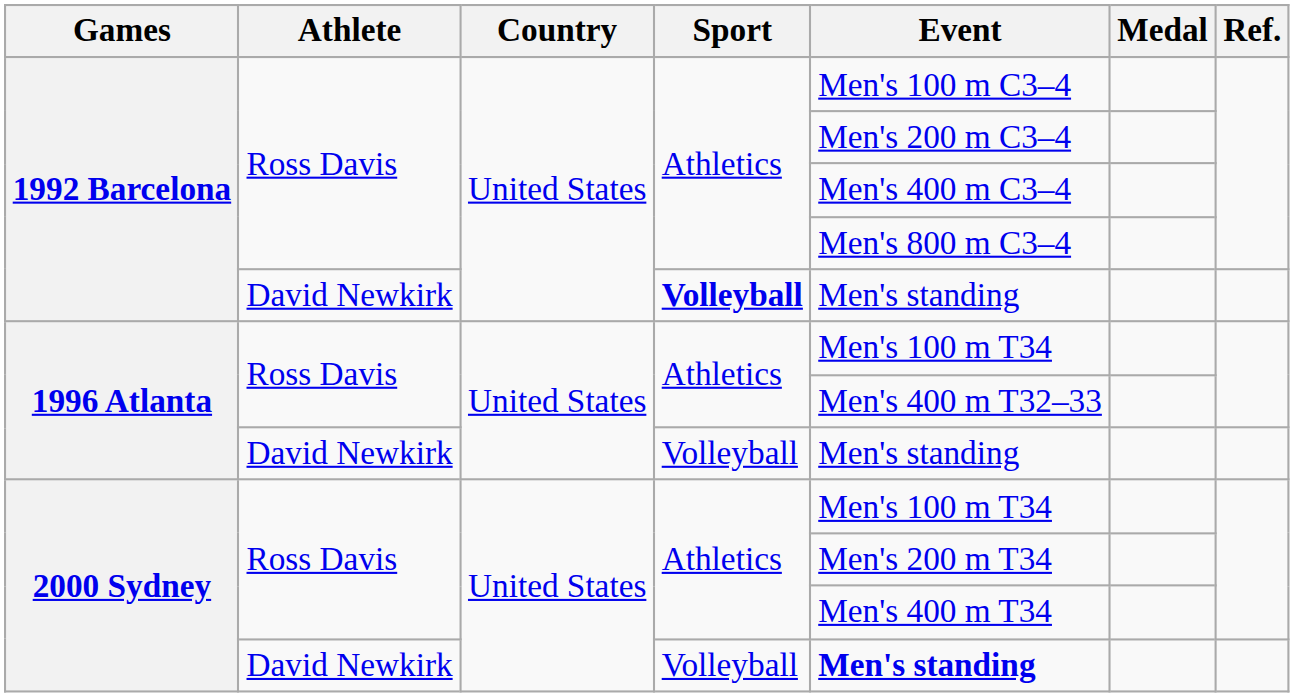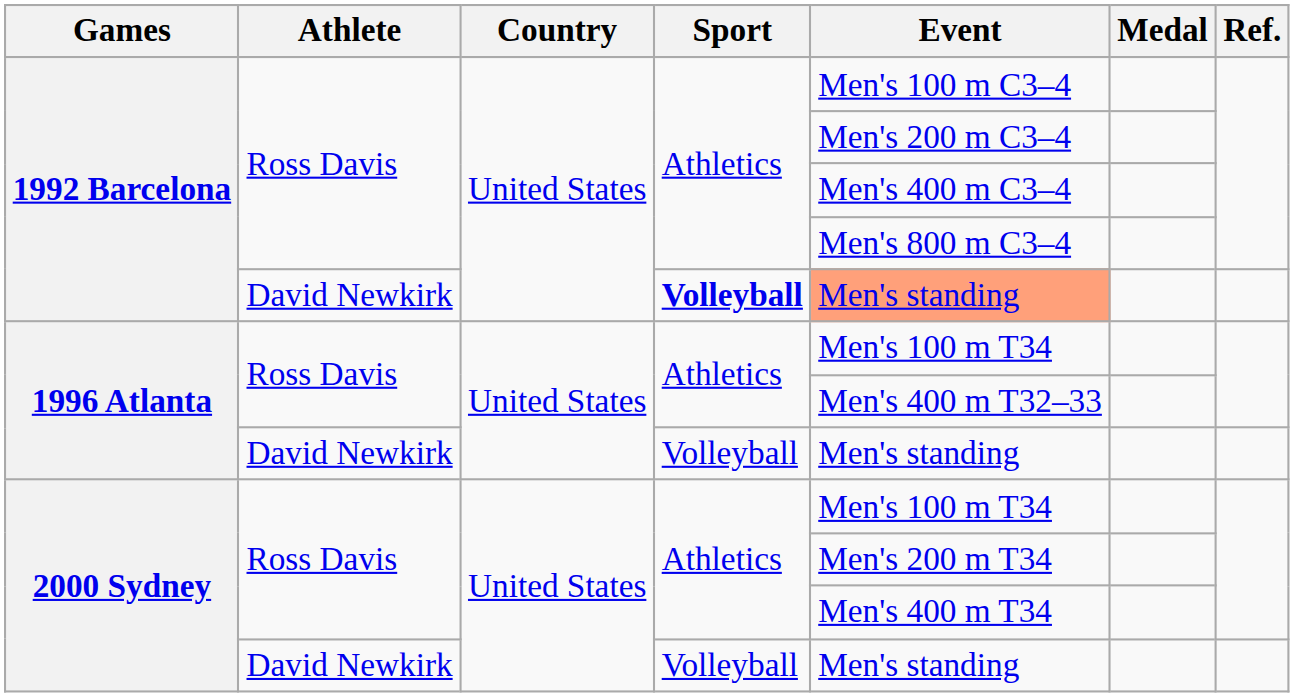 <table class="wikitable">
 <tr>
 <th>Games</th>
 <th>Athlete</th>
 <th>Country</th>
 <th>Sport</th>
 <th>Event</th>
 <th>Medal</th>
 <th>Ref.</th>
 </tr>
 <tr>
 <th rowspan=5><a href='#'>1992 Barcelona</a></th>
 <td rowspan=4><a href='#'>Ross Davis</a></td>
 <td rowspan=5> <a href='#'>United States</a></td>
 <td rowspan=4><a href='#'>Athletics</a></td>
 <td><a href='#'>Men's 100 m C3–4</a></td>
 <td style=text-align:center></td>
 <td rowspan=4></td>
 </tr>
 <tr>
 <td><a href='#'>Men's 200 m C3–4</a></td>
 <td style=text-align:center></td>
 </tr>
 <tr>
 <td><a href='#'>Men's 400 m C3–4</a></td>
 <td style=text-align:center></td>
 </tr>
 <tr>
 <td><a href='#'>Men's 800 m C3–4</a></td>
 <td style=text-align:center></td>
 </tr>
 <tr>
 <td><a href='#'>David Newkirk</a></td>
 <td><strong><a href='#'>Volleyball</a></strong></td>
-<td><a href='#'>Men's standing</a></td>
+<td style="background: lightsalmon;"><a href='#'>Men's standing</a></td>
 <td></td>
 <td></td>
 </tr>
 <tr>
 <th rowspan=3><a href='#'>1996 Atlanta</a></th>
 <td rowspan=2><a href='#'>Ross Davis</a></td>
 <td rowspan=3> <a href='#'>United States</a></td>
 <td rowspan=2><a href='#'>Athletics</a></td>
 <td><a href='#'>Men's 100 m T34</a></td>
 <td style=text-align:center></td>
 <td rowspan=2></td>
 </tr>
 <tr>
 <td><a href='#'>Men's 400 m T32–33</a></td>
 <td style=text-align:center></td>
 </tr>
 <tr>
 <td><a href='#'>David Newkirk</a></td>
 <td><a href='#'>Volleyball</a></td>
 <td><a href='#'>Men's standing</a></td>
 <td></td>
 <td></td>
 </tr>
 <tr>
 <th rowspan=4><a href='#'>2000 Sydney</a></th>
 <td rowspan=3><a href='#'>Ross Davis</a></td>
 <td rowspan=4> <a href='#'>United States</a></td>
 <td rowspan=3><a href='#'>Athletics</a></td>
 <td><a href='#'>Men's 100 m T34</a></td>
 <td style=text-align:center></td>
 <td rowspan=3></td>
 </tr>
 <tr>
 <td><a href='#'>Men's 200 m T34</a></td>
 <td style=text-align:center></td>
 </tr>
 <tr>
 <td><a href='#'>Men's 400 m T34</a></td>
 <td style=text-align:center></td>
 </tr>
 <tr>
 <td><a href='#'>David Newkirk</a></td>
 <td><a href='#'>Volleyball</a></td>
-<td><strong><a href='#'>Men's standing</a></strong></td>
+<td><a href='#'>Men's standing</a></td>
 <td></td>
 <td></td>
 </tr>
 </table>
